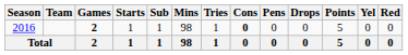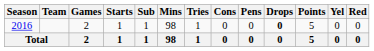 <table class="wikitable" style="text-align:center; line-height:90%; font-size:95%; width:70%;">
 <tr>
 <th>Season</th>
 <th>Team</th>
 <th>Games</th>
 <th>Starts</th>
 <th>Sub</th>
 <th>Mins</th>
 <th>Tries</th>
 <th>Cons</th>
 <th>Pens</th>
 <th>Drops</th>
 <th>Points</th>
 <th>Yel</th>
 <th>Red</th>
 </tr>
 <tr>
 <td><a href='#'>2016</a></td>
 <td></td>
-<td><strong>2</strong></td>
+<td>2</td>
 <td>1</td>
 <td>1</td>
 <td>98</td>
 <td>1</td>
-<td><strong>0</strong></td>
 <td>0</td>
 <td>0</td>
+<td><strong>0</strong></td>
 <td>5</td>
 <td>0</td>
 <td>0</td>
 </tr>
 <tr>
 <th colspan="2">Total</th>
 <th>2</th>
 <th>1</th>
 <th>1</th>
 <th>98</th>
 <th>1</th>
 <th>0</th>
 <th>0</th>
 <th>0</th>
 <th>5</th>
 <th>0</th>
 <th>0</th>
 </tr>
 </table>
